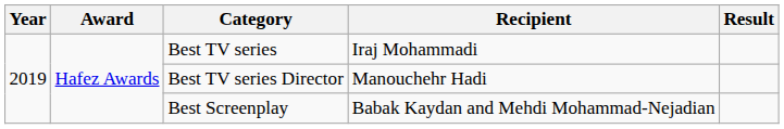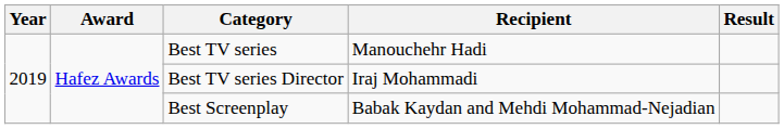 <table class="wikitable sortable">
 <tr>
 <th>Year</th>
 <th>Award</th>
 <th>Category</th>
 <th>Recipient</th>
 <th>Result</th>
 </tr>
 <tr>
 <td rowspan="3">2019</td>
 <td rowspan="3"><a href='#'>Hafez Awards</a></td>
 <td>Best TV series</td>
-<td>Iraj Mohammadi</td>
+<td>Manouchehr Hadi</td>
 <td></td>
 </tr>
 <tr>
 <td>Best TV series Director</td>
-<td>Manouchehr Hadi</td>
+<td>Iraj Mohammadi</td>
 <td></td>
 </tr>
 <tr>
 <td>Best Screenplay</td>
 <td>Babak Kaydan and Mehdi Mohammad-Nejadian</td>
 <td></td>
 </tr>
 </table>
